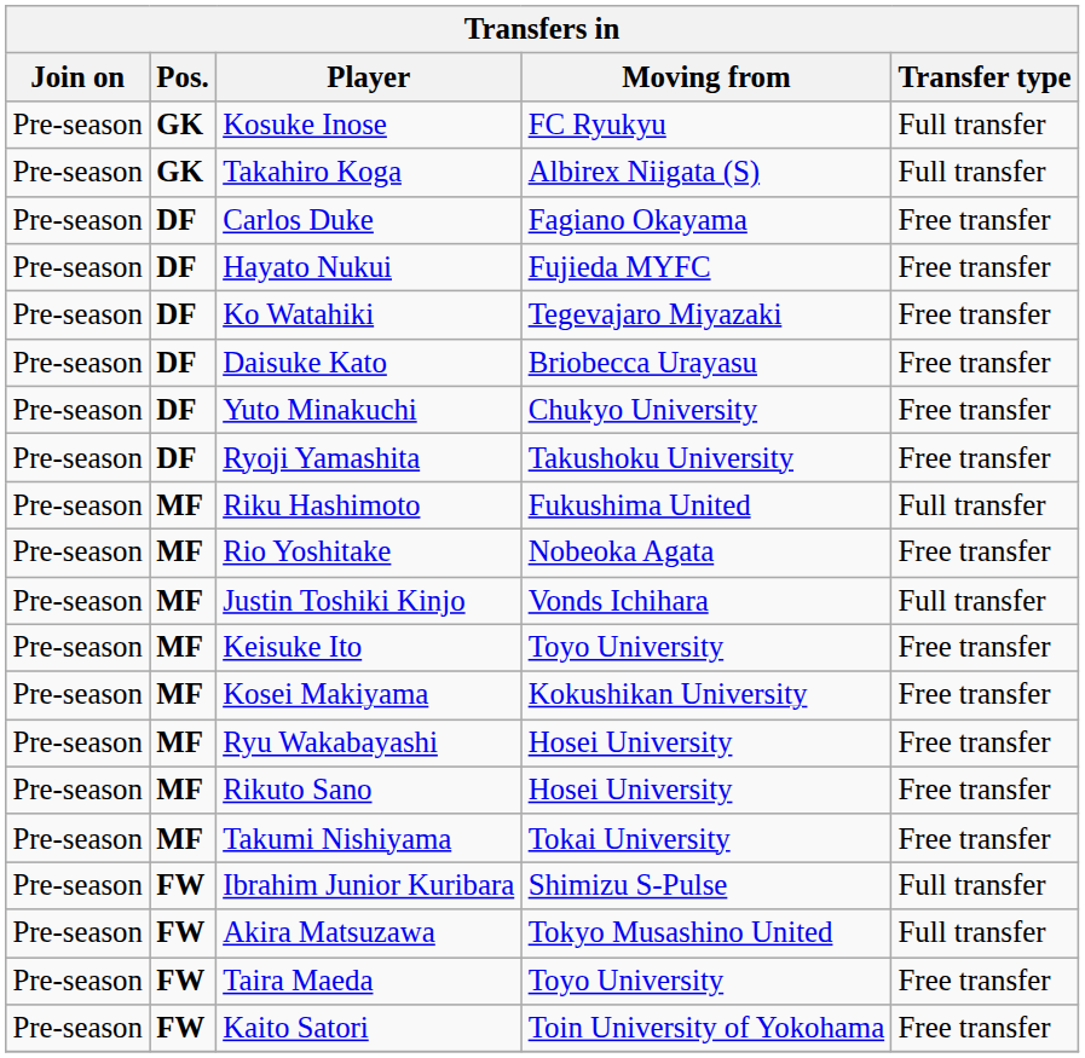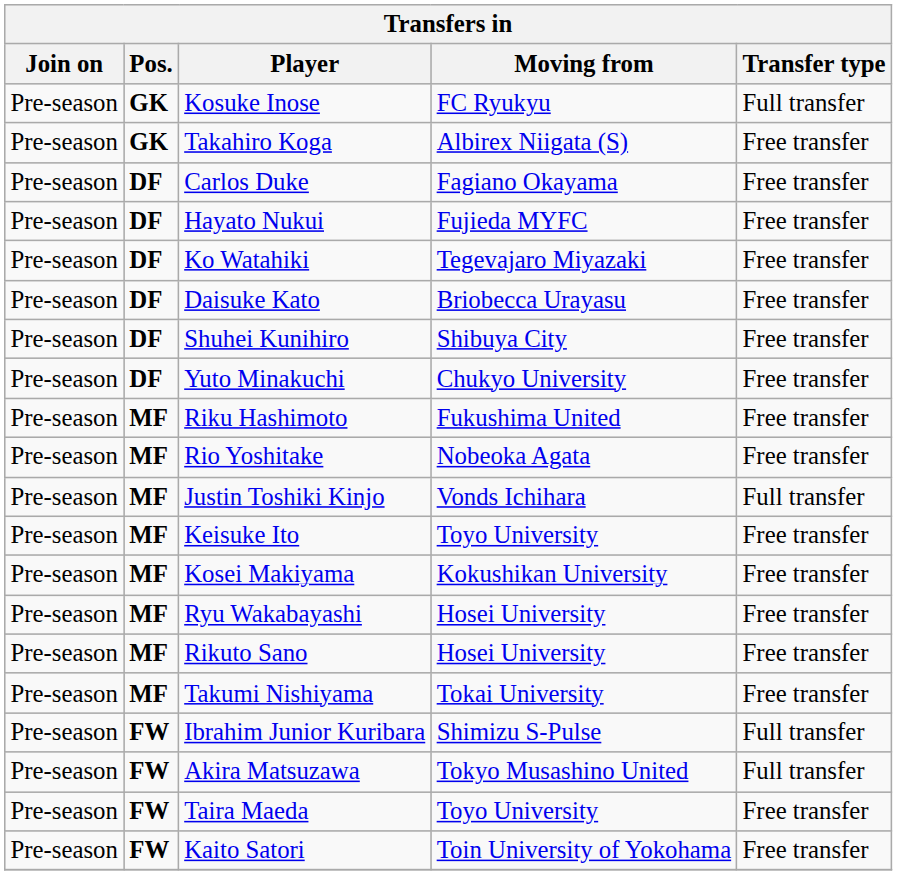 <table class="wikitable sortable" style=“text-align:left;>
 <tr>
 <th colspan="5">Transfers in</th>
 </tr>
 <tr>
 <th>Join on</th>
 <th>Pos.</th>
 <th>Player</th>
 <th>Moving from</th>
 <th>Transfer type</th>
 </tr>
 <tr>
 <td>Pre-season</td>
 <td><strong>GK</strong></td>
 <td> <a href='#'>Kosuke Inose</a></td>
 <td> <a href='#'>FC Ryukyu</a></td>
 <td>Full transfer</td>
 </tr>
 <tr>
 <td>Pre-season</td>
 <td><strong>GK</strong></td>
 <td> <a href='#'>Takahiro Koga</a></td>
 <td> <a href='#'>Albirex Niigata (S)</a></td>
-<td>Full transfer</td>
+<td>Free transfer</td>
 </tr>
 <tr>
 <td>Pre-season</td>
 <td><strong>DF</strong></td>
 <td> <a href='#'>Carlos Duke</a></td>
 <td> <a href='#'>Fagiano Okayama</a></td>
 <td>Free transfer</td>
 </tr>
 <tr>
 <td>Pre-season</td>
 <td><strong>DF</strong></td>
 <td> <a href='#'>Hayato Nukui</a></td>
 <td> <a href='#'>Fujieda MYFC</a></td>
 <td>Free transfer</td>
 </tr>
 <tr>
 <td>Pre-season</td>
 <td><strong>DF</strong></td>
 <td> <a href='#'>Ko Watahiki</a></td>
 <td> <a href='#'>Tegevajaro Miyazaki</a></td>
 <td>Free transfer</td>
 </tr>
 <tr>
 <td>Pre-season</td>
 <td><strong>DF</strong></td>
 <td> <a href='#'>Daisuke Kato</a></td>
 <td> <a href='#'>Briobecca Urayasu</a></td>
 <td>Free transfer</td>
 </tr>
 <tr>
 <td>Pre-season</td>
 <td><strong>DF</strong></td>
-<td> <a href='#'>Yuto Minakuchi</a></td>
-<td> <a href='#'>Chukyo University</a></td>
+<td> <a href='#'>Shuhei Kunihiro</a></td>
+<td> <a href='#'>Shibuya City</a></td>
 <td>Free transfer</td>
 </tr>
 <tr>
 <td>Pre-season</td>
 <td><strong>DF</strong></td>
-<td> <a href='#'>Ryoji Yamashita</a></td>
-<td> <a href='#'>Takushoku University</a></td>
+<td> <a href='#'>Yuto Minakuchi</a></td>
+<td> <a href='#'>Chukyo University</a></td>
 <td>Free transfer</td>
 </tr>
 <tr>
 <td>Pre-season</td>
 <td><strong>MF</strong></td>
 <td> <a href='#'>Riku Hashimoto</a></td>
 <td> <a href='#'>Fukushima United</a></td>
-<td>Full transfer</td>
+<td>Free transfer</td>
 </tr>
 <tr>
 <td>Pre-season</td>
 <td><strong>MF</strong></td>
 <td> <a href='#'>Rio Yoshitake</a></td>
 <td> <a href='#'>Nobeoka Agata</a></td>
 <td>Free transfer</td>
 </tr>
 <tr>
 <td>Pre-season</td>
 <td><strong>MF</strong></td>
 <td> <a href='#'>Justin Toshiki Kinjo</a></td>
 <td> <a href='#'>Vonds Ichihara</a></td>
 <td>Full transfer</td>
 </tr>
 <tr>
 <td>Pre-season</td>
 <td><strong>MF</strong></td>
 <td> <a href='#'>Keisuke Ito</a></td>
 <td> <a href='#'>Toyo University</a></td>
 <td>Free transfer</td>
 </tr>
 <tr>
 <td>Pre-season</td>
 <td><strong>MF</strong></td>
 <td> <a href='#'>Kosei Makiyama</a></td>
 <td> <a href='#'>Kokushikan University</a></td>
 <td>Free transfer</td>
 </tr>
 <tr>
 <td>Pre-season</td>
 <td><strong>MF</strong></td>
 <td> <a href='#'>Ryu Wakabayashi</a></td>
 <td> <a href='#'>Hosei University</a></td>
 <td>Free transfer</td>
 </tr>
 <tr>
 <td>Pre-season</td>
 <td><strong>MF</strong></td>
 <td> <a href='#'>Rikuto Sano</a></td>
 <td> <a href='#'>Hosei University</a></td>
 <td>Free transfer</td>
 </tr>
 <tr>
 <td>Pre-season</td>
 <td><strong>MF</strong></td>
 <td> <a href='#'>Takumi Nishiyama</a></td>
 <td> <a href='#'>Tokai University</a></td>
 <td>Free transfer</td>
 </tr>
 <tr>
 <td>Pre-season</td>
 <td><strong>FW</strong></td>
 <td> <a href='#'>Ibrahim Junior Kuribara</a></td>
 <td> <a href='#'>Shimizu S-Pulse</a></td>
 <td>Full transfer</td>
 </tr>
 <tr>
 <td>Pre-season</td>
 <td><strong>FW</strong></td>
 <td> <a href='#'>Akira Matsuzawa</a></td>
 <td> <a href='#'>Tokyo Musashino United</a></td>
 <td>Full transfer</td>
 </tr>
 <tr>
 <td>Pre-season</td>
 <td><strong>FW</strong></td>
 <td> <a href='#'>Taira Maeda</a></td>
 <td> <a href='#'>Toyo University</a></td>
 <td>Free transfer</td>
 </tr>
 <tr>
 <td>Pre-season</td>
 <td><strong>FW</strong></td>
 <td> <a href='#'>Kaito Satori</a></td>
 <td> <a href='#'>Toin University of Yokohama</a></td>
 <td>Free transfer</td>
 </tr>
 <tr>
 </tr>
 </table>
